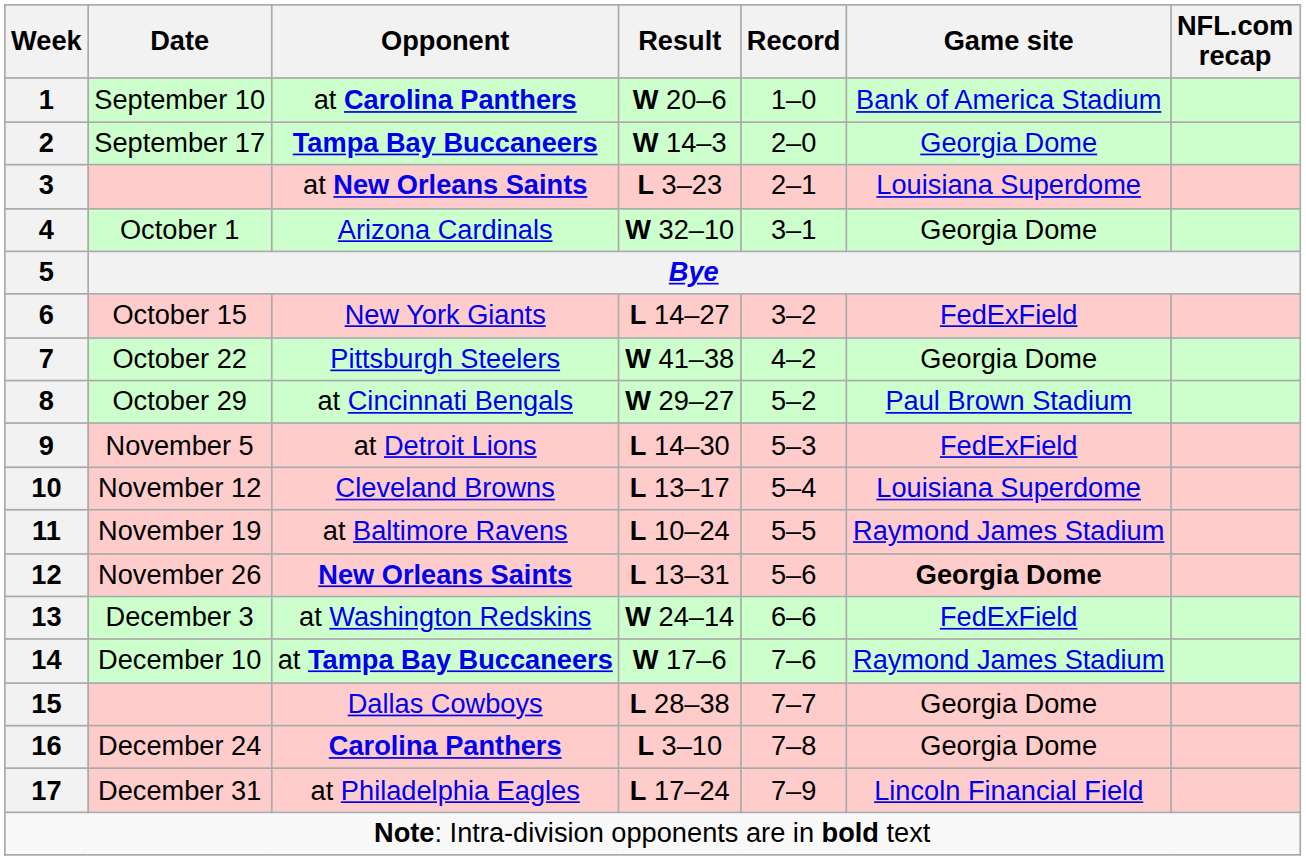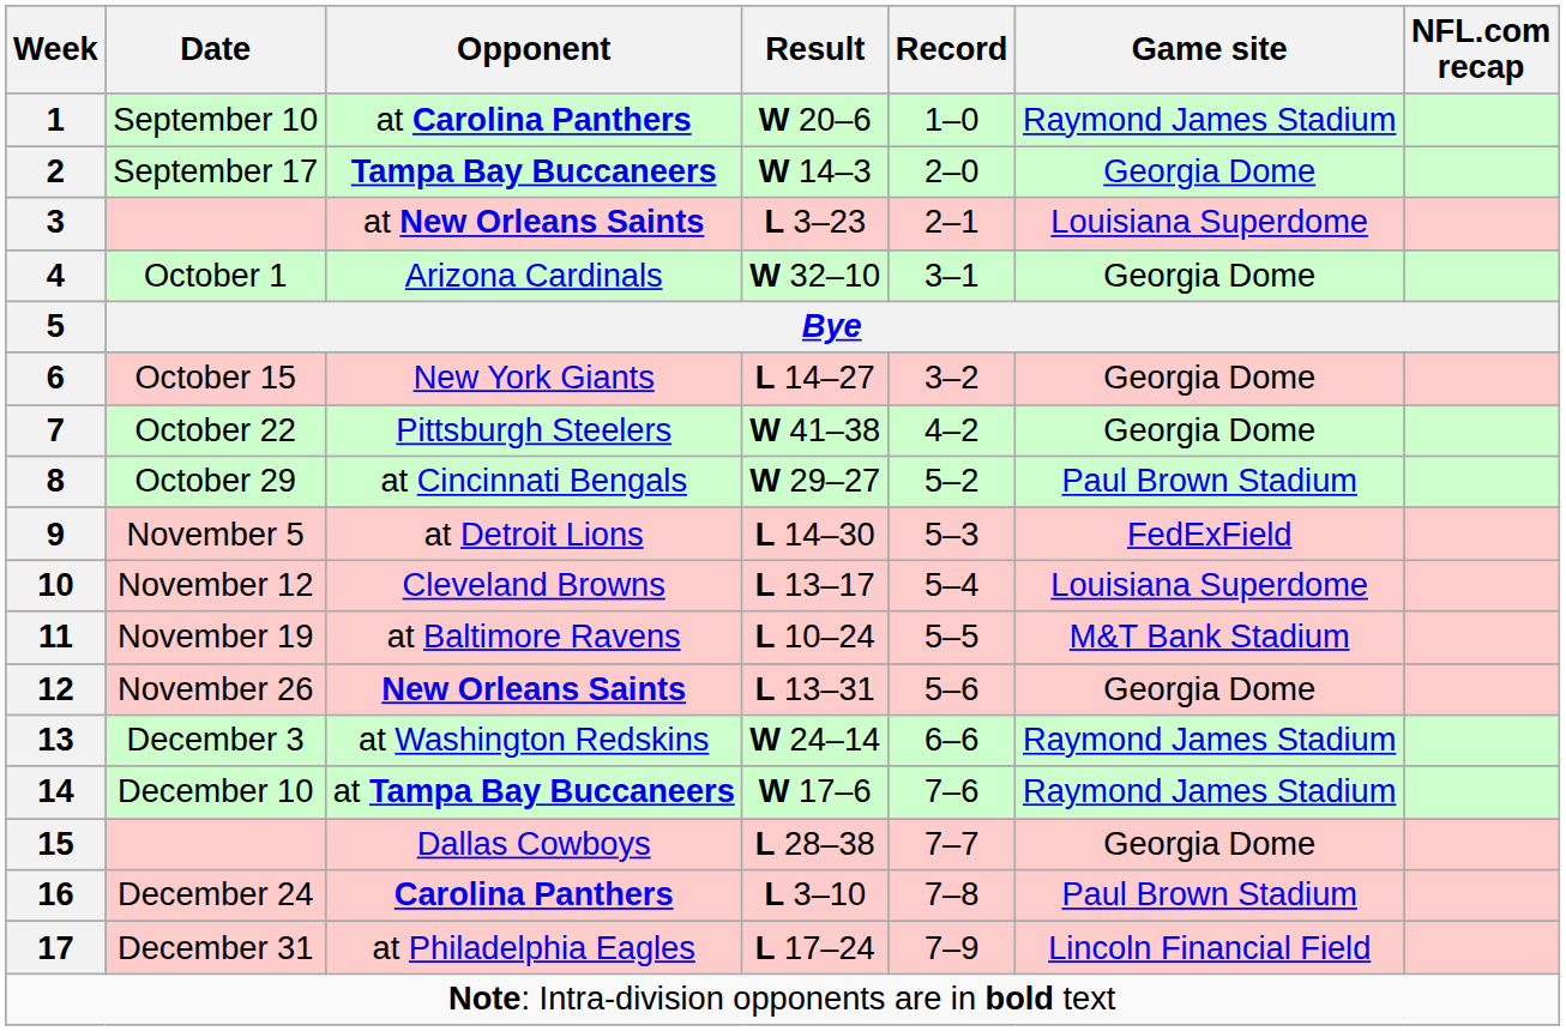 <table class="wikitable" style="text-align:center">
 <tr>
 <th>Week</th>
 <th>Date</th>
 <th>Opponent</th>
 <th>Result</th>
 <th>Record</th>
 <th>Game site</th>
 <th>NFL.com<br>recap</th>
 </tr>
 <tr style="background:#cfc;">
 <th>1</th>
 <td>September 10</td>
 <td>at <strong><a href='#'>Carolina Panthers</a></strong></td>
 <td><strong>W</strong> 20–6</td>
 <td>1–0</td>
-<td><a href='#'>Bank of America Stadium</a></td>
+<td><a href='#'>Raymond James Stadium</a></td>
 <td></td>
 </tr>
 <tr style="background:#cfc;">
 <th>2</th>
 <td>September 17</td>
 <td><strong><a href='#'>Tampa Bay Buccaneers</a></strong></td>
 <td><strong>W</strong> 14–3</td>
 <td>2–0</td>
 <td><a href='#'>Georgia Dome</a></td>
 <td></td>
 </tr>
 <tr style="background:#fcc;">
 <th>3</th>
 <td></td>
 <td>at <strong><a href='#'>New Orleans Saints</a></strong></td>
 <td><strong>L</strong> 3–23</td>
 <td>2–1</td>
 <td><a href='#'>Louisiana Superdome</a></td>
 <td></td>
 </tr>
 <tr style="background:#cfc;">
 <th>4</th>
 <td>October 1</td>
 <td><a href='#'>Arizona Cardinals</a></td>
 <td><strong>W</strong> 32–10</td>
 <td>3–1</td>
 <td>Georgia Dome</td>
 <td></td>
 </tr>
 <tr>
 <th>5</th>
 <th colspan=6><em><a href='#'>Bye</a></em></th>
 </tr>
 <tr style="background:#fcc;">
 <th>6</th>
 <td>October 15</td>
 <td><a href='#'>New York Giants</a></td>
 <td><strong>L</strong> 14–27</td>
 <td>3–2</td>
-<td><a href='#'>FedExField</a></td>
+<td>Georgia Dome</td>
 <td></td>
 </tr>
 <tr style="background:#cfc;">
 <th>7</th>
 <td>October 22</td>
 <td><a href='#'>Pittsburgh Steelers</a></td>
 <td><strong>W</strong> 41–38 </td>
 <td>4–2</td>
 <td>Georgia Dome</td>
 <td></td>
 </tr>
 <tr style="background:#cfc;">
 <th>8</th>
 <td>October 29</td>
 <td>at <a href='#'>Cincinnati Bengals</a></td>
 <td><strong>W</strong> 29–27</td>
 <td>5–2</td>
 <td><a href='#'>Paul Brown Stadium</a></td>
 <td></td>
 </tr>
 <tr style="background:#fcc;">
 <th>9</th>
 <td>November 5</td>
 <td>at <a href='#'>Detroit Lions</a></td>
 <td><strong>L</strong> 14–30</td>
 <td>5–3</td>
 <td><a href='#'>FedExField</a></td>
 <td></td>
 </tr>
 <tr style="background:#fcc;">
 <th>10</th>
 <td>November 12</td>
 <td><a href='#'>Cleveland Browns</a></td>
 <td><strong>L</strong> 13–17</td>
 <td>5–4</td>
 <td><a href='#'>Louisiana Superdome</a></td>
 <td></td>
 </tr>
 <tr style="background:#fcc;">
 <th>11</th>
 <td>November 19</td>
 <td>at <a href='#'>Baltimore Ravens</a></td>
 <td><strong>L</strong> 10–24</td>
 <td>5–5</td>
-<td><a href='#'>Raymond James Stadium</a></td>
+<td><a href='#'>M&T Bank Stadium</a></td>
 <td></td>
 </tr>
 <tr style="background:#fcc;">
 <th>12</th>
 <td>November 26</td>
 <td><strong><a href='#'>New Orleans Saints</a></strong></td>
 <td><strong>L</strong> 13–31</td>
 <td>5–6</td>
-<td><strong>Georgia Dome</strong></td>
+<td>Georgia Dome</td>
 <td></td>
 </tr>
 <tr style="background:#cfc;">
 <th>13</th>
 <td>December 3</td>
 <td>at <a href='#'>Washington Redskins</a></td>
 <td><strong>W</strong> 24–14</td>
 <td>6–6</td>
-<td><a href='#'>FedExField</a></td>
+<td><a href='#'>Raymond James Stadium</a></td>
 <td></td>
 </tr>
 <tr style="background:#cfc;">
 <th>14</th>
 <td>December 10</td>
 <td>at <strong><a href='#'>Tampa Bay Buccaneers</a></strong></td>
 <td><strong>W</strong> 17–6</td>
 <td>7–6</td>
 <td><a href='#'>Raymond James Stadium</a></td>
 <td></td>
 </tr>
 <tr style="background:#fcc;">
 <th>15</th>
 <td></td>
 <td><a href='#'>Dallas Cowboys</a></td>
 <td><strong>L</strong> 28–38</td>
 <td>7–7</td>
 <td>Georgia Dome</td>
 <td></td>
 </tr>
 <tr style="background:#fcc;">
 <th>16</th>
 <td>December 24</td>
 <td><strong><a href='#'>Carolina Panthers</a></strong></td>
 <td><strong>L</strong> 3–10</td>
 <td>7–8</td>
-<td>Georgia Dome</td>
+<td><a href='#'>Paul Brown Stadium</a></td>
 <td></td>
 </tr>
 <tr style="background:#fcc;">
 <th>17</th>
 <td>December 31</td>
 <td>at <a href='#'>Philadelphia Eagles</a></td>
 <td><strong>L</strong> 17–24</td>
 <td>7–9</td>
 <td><a href='#'>Lincoln Financial Field</a></td>
 <td></td>
 </tr>
 <tr>
 <td colspan="7"><strong>Note</strong>: Intra-division opponents are in <strong>bold</strong> text</td>
 </tr>
 </table>
